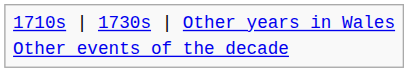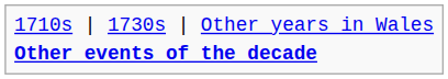 <table class="infobox" id="toc">
 <tr>
 <td align="left"><a href='#'>1710s</a> | <a href='#'>1730s</a> | <a href='#'>Other years in Wales</a></td>
 </tr>
 <tr>
-<td><a href='#'>Other events of the decade</a></td>
+<td><strong><a href='#'>Other events of the decade</a></strong></td>
 </tr>
 </table>
